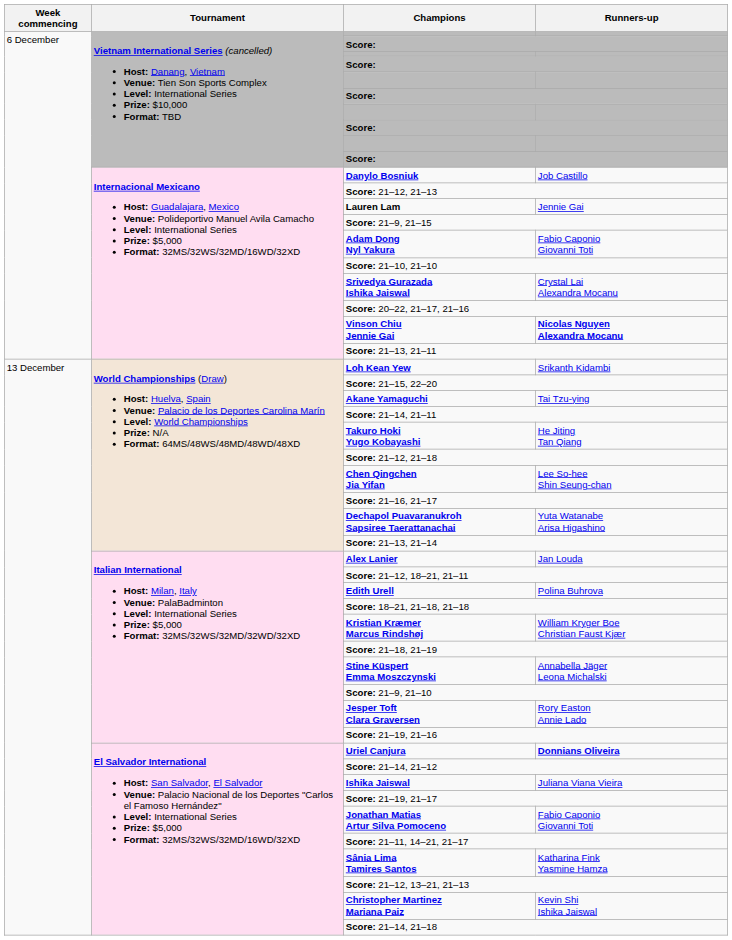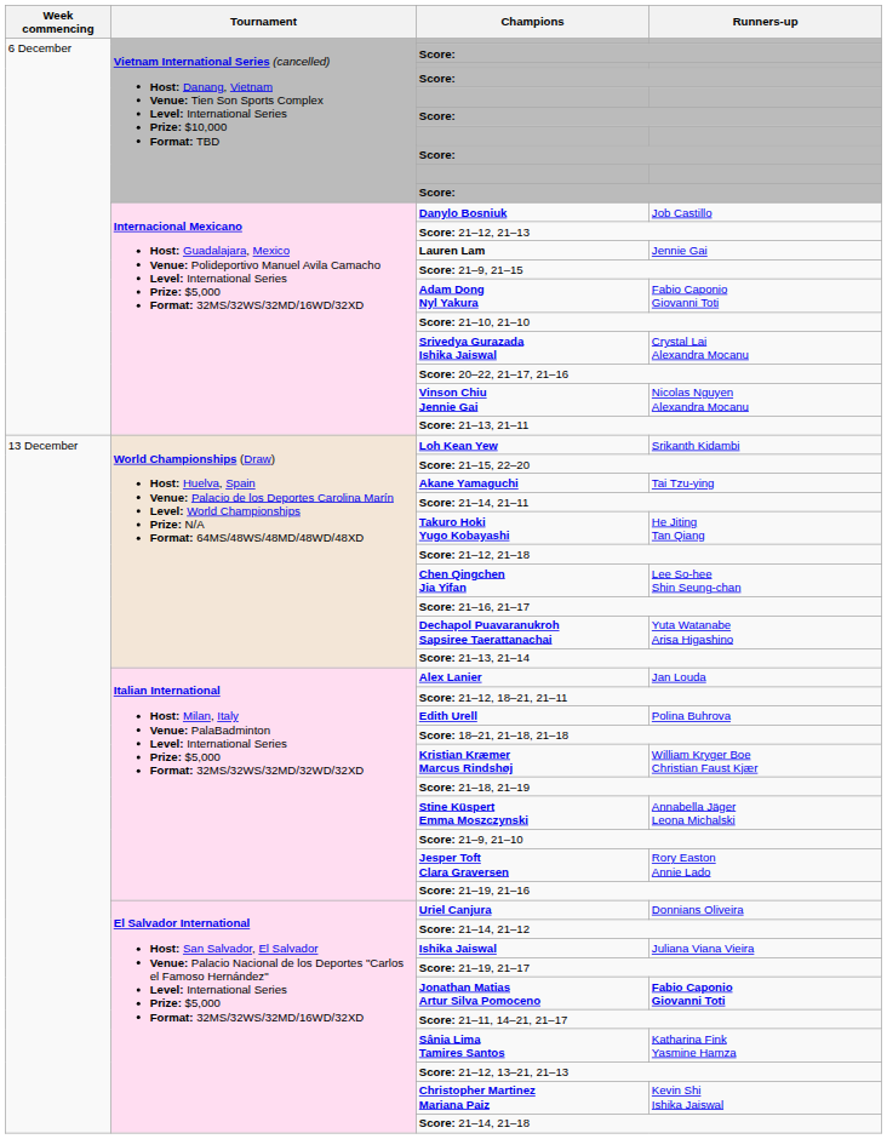 <table class="wikitable" style="font-size:80%">
 <tr>
 <th width="110">Week commencing</th>
 <th width="330">Tournament</th>
 <th width="250">Champions</th>
 <th width="250">Runners-up</th>
 </tr>
 <tr valign="top">
 <td rowspan=20>6 December</td>
 <td bgcolor="#BBBBBB" rowspan="10"><br><strong><a href='#'>Vietnam International Series</a></strong> <em>(cancelled)</em><ul><li><strong>Host:</strong> <a href='#'>Danang</a>, <a href='#'>Vietnam</a></li><li><strong>Venue:</strong> Tien Son Sports Complex</li><li><strong>Level:</strong> International Series</li><li><strong>Prize:</strong> $10,000</li><li><strong>Format:</strong> TBD</li></ul></td>
 <td bgcolor="#BBBBBB"><strong> </strong></td>
 <td bgcolor="#BBBBBB"></td>
 </tr>
 <tr bgcolor="#BBBBBB">
 <td colspan="2"><strong>Score:</strong></td>
 </tr>
 <tr valign="top" bgcolor="#BBBBBB">
 <td><strong> </strong></td>
 <td></td>
 </tr>
 <tr bgcolor="#BBBBBB">
 <td colspan="2"><strong>Score:</strong></td>
 </tr>
 <tr valign="top" bgcolor="#BBBBBB">
 <td><strong> <br> </strong></td>
 <td> <br></td>
 </tr>
 <tr bgcolor="#BBBBBB">
 <td colspan="2"><strong>Score:</strong></td>
 </tr>
 <tr valign="top" bgcolor="#BBBBBB">
 <td><strong> <br> </strong></td>
 <td> <br></td>
 </tr>
 <tr bgcolor="#BBBBBB">
 <td colspan="2"><strong>Score:</strong></td>
 </tr>
 <tr valign="top" bgcolor="#BBBBBB">
 <td><strong> <br> </strong></td>
 <td> <br></td>
 </tr>
 <tr bgcolor="#BBBBBB">
 <td colspan="2"><strong>Score:</strong></td>
 </tr>
 <tr valign="top">
 <td bgcolor="#FFDDF1" rowspan="10"><br><strong><a href='#'>Internacional Mexicano</a></strong><ul><li><strong>Host:</strong> <a href='#'>Guadalajara</a>, <a href='#'>Mexico</a></li><li><strong>Venue:</strong> Polideportivo Manuel Avila Camacho</li><li><strong>Level:</strong> International Series</li><li><strong>Prize:</strong> $5,000</li><li><strong>Format:</strong> 32MS/32WS/32MD/16WD/32XD</li></ul></td>
 <td><strong> <a href='#'>Danylo Bosniuk</a></strong></td>
 <td> <a href='#'>Job Castillo</a></td>
 </tr>
 <tr>
 <td colspan="2"><strong>Score:</strong> 21–12, 21–13</td>
 </tr>
 <tr valign="top">
 <td><strong> Lauren Lam</strong></td>
 <td> <a href='#'>Jennie Gai</a></td>
 </tr>
 <tr>
 <td colspan="2"><strong>Score:</strong> 21–9, 21–15</td>
 </tr>
 <tr valign="top">
 <td><strong> <a href='#'>Adam Dong</a> <br> <a href='#'>Nyl Yakura</a></strong></td>
 <td> <a href='#'>Fabio Caponio</a> <br> <a href='#'>Giovanni Toti</a></td>
 </tr>
 <tr>
 <td colspan="2"><strong>Score:</strong> 21–10, 21–10</td>
 </tr>
 <tr valign="top">
 <td><strong> <a href='#'>Srivedya Gurazada</a> <br> <a href='#'>Ishika Jaiswal</a></strong></td>
 <td> <a href='#'>Crystal Lai</a> <br> <a href='#'>Alexandra Mocanu</a></td>
 </tr>
 <tr>
 <td colspan="2"><strong>Score:</strong> 20–22, 21–17, 21–16</td>
 </tr>
 <tr valign="top">
 <td><strong> <a href='#'>Vinson Chiu</a> <br> <a href='#'>Jennie Gai</a></strong></td>
-<td><strong> <a href='#'>Nicolas Nguyen</a> <br> <a href='#'>Alexandra Mocanu</a></strong></td>
+<td> <a href='#'>Nicolas Nguyen</a> <br> <a href='#'>Alexandra Mocanu</a></td>
 </tr>
 <tr>
 <td colspan="2"><strong>Score:</strong> 21–13, 21–11</td>
 </tr>
 <tr valign="top">
 <td rowspan="30">13 December</td>
 <td rowspan="10" bgcolor="#F3E6D7"><br><strong><a href='#'>World Championships</a></strong> (<a href='#'>Draw</a>)<ul><li><strong>Host:</strong> <a href='#'>Huelva</a>, <a href='#'>Spain</a></li><li><strong>Venue:</strong> <a href='#'>Palacio de los Deportes Carolina Marín</a></li><li><strong>Level:</strong> <a href='#'>World Championships</a></li><li><strong>Prize:</strong> N/A</li><li><strong>Format:</strong> 64MS/48WS/48MD/48WD/48XD</li></ul></td>
 <td><strong> <a href='#'>Loh Kean Yew</a></strong></td>
 <td> <a href='#'>Srikanth Kidambi</a></td>
 </tr>
 <tr>
 <td colspan="2"><strong>Score:</strong> 21–15, 22–20</td>
 </tr>
 <tr valign="top">
 <td><strong> <a href='#'>Akane Yamaguchi</a></strong></td>
 <td> <a href='#'>Tai Tzu-ying</a></td>
 </tr>
 <tr>
 <td colspan="2"><strong>Score:</strong> 21–14, 21–11</td>
 </tr>
 <tr valign="top">
 <td><strong> <a href='#'>Takuro Hoki</a><br> <a href='#'>Yugo Kobayashi</a></strong></td>
 <td> <a href='#'>He Jiting</a><br> <a href='#'>Tan Qiang</a></td>
 </tr>
 <tr>
 <td colspan="2"><strong>Score:</strong> 21–12, 21–18</td>
 </tr>
 <tr valign="top">
 <td><strong> <a href='#'>Chen Qingchen</a><br> <a href='#'>Jia Yifan</a></strong></td>
 <td> <a href='#'>Lee So-hee</a><br> <a href='#'>Shin Seung-chan</a></td>
 </tr>
 <tr>
 <td colspan="2"><strong>Score:</strong> 21–16, 21–17</td>
 </tr>
 <tr valign="top">
 <td><strong> <a href='#'>Dechapol Puavaranukroh</a><br> <a href='#'>Sapsiree Taerattanachai</a></strong></td>
 <td> <a href='#'>Yuta Watanabe</a><br> <a href='#'>Arisa Higashino</a></td>
 </tr>
 <tr>
 <td colspan="2"><strong>Score:</strong> 21–13, 21–14</td>
 </tr>
 <tr valign="top">
 <td rowspan="10" bgcolor="#FFDDF1"><br><strong><a href='#'>Italian International</a></strong><ul><li><strong>Host:</strong> <a href='#'>Milan</a>, <a href='#'>Italy</a></li><li><strong>Venue:</strong> PalaBadminton</li><li><strong>Level:</strong> International Series</li><li><strong>Prize:</strong> $5,000</li><li><strong>Format:</strong> 32MS/32WS/32MD/32WD/32XD</li></ul></td>
 <td><strong> <a href='#'>Alex Lanier</a></strong></td>
 <td> <a href='#'>Jan Louda</a></td>
 </tr>
 <tr>
 <td colspan="2"><strong>Score:</strong> 21–12, 18–21, 21–11</td>
 </tr>
 <tr valign="top">
 <td><strong> <a href='#'>Edith Urell</a></strong></td>
 <td> <a href='#'>Polina Buhrova</a></td>
 </tr>
 <tr>
 <td colspan="2"><strong>Score:</strong> 18–21, 21–18, 21–18</td>
 </tr>
 <tr valign="top">
 <td><strong> <a href='#'>Kristian Kræmer</a><br> <a href='#'>Marcus Rindshøj</a></strong></td>
 <td> <a href='#'>William Kryger Boe</a><br> <a href='#'>Christian Faust Kjær</a></td>
 </tr>
 <tr>
 <td colspan="2"><strong>Score:</strong> 21–18, 21–19</td>
 </tr>
 <tr valign="top">
 <td><strong> <a href='#'>Stine Küspert</a><br> <a href='#'>Emma Moszczynski</a></strong></td>
 <td> <a href='#'>Annabella Jäger</a><br> <a href='#'>Leona Michalski</a></td>
 </tr>
 <tr>
 <td colspan="2"><strong>Score:</strong> 21–9, 21–10</td>
 </tr>
 <tr valign="top">
 <td><strong> <a href='#'>Jesper Toft</a><br> <a href='#'>Clara Graversen</a></strong></td>
 <td> <a href='#'>Rory Easton</a><br> <a href='#'>Annie Lado</a></td>
 </tr>
 <tr>
 <td colspan="2"><strong>Score:</strong> 21–19, 21–16</td>
 </tr>
 <tr valign="top">
 <td bgcolor="#FFDDF1" rowspan="10"><br><strong><a href='#'>El Salvador International</a></strong><ul><li><strong>Host:</strong> <a href='#'>San Salvador</a>, <a href='#'>El Salvador</a></li><li><strong>Venue:</strong> Palacio Nacional de los Deportes "Carlos el Famoso Hernández"</li><li><strong>Level:</strong> International Series</li><li><strong>Prize:</strong> $5,000</li><li><strong>Format:</strong> 32MS/32WS/32MD/16WD/32XD</li></ul></td>
 <td><strong> <a href='#'>Uriel Canjura</a></strong></td>
-<td><strong> <a href='#'>Donnians Oliveira</a></strong></td>
+<td> <a href='#'>Donnians Oliveira</a></td>
 </tr>
 <tr>
 <td colspan="2"><strong>Score:</strong> 21–14, 21–12</td>
 </tr>
 <tr valign="top">
 <td><strong> <a href='#'>Ishika Jaiswal</a></strong></td>
 <td> <a href='#'>Juliana Viana Vieira</a></td>
 </tr>
 <tr>
 <td colspan="2"><strong>Score:</strong> 21–19, 21–17</td>
 </tr>
 <tr valign="top">
 <td><strong> <a href='#'>Jonathan Matias</a><br> <a href='#'>Artur Silva Pomoceno</a></strong></td>
-<td> <a href='#'>Fabio Caponio</a><br> <a href='#'>Giovanni Toti</a></td>
+<td><strong> <a href='#'>Fabio Caponio</a><br> <a href='#'>Giovanni Toti</a></strong></td>
 </tr>
 <tr>
 <td colspan="2"><strong>Score:</strong> 21–11, 14–21, 21–17</td>
 </tr>
 <tr valign="top">
 <td><strong> <a href='#'>Sânia Lima</a><br> <a href='#'>Tamires Santos</a></strong></td>
 <td> <a href='#'>Katharina Fink</a><br> <a href='#'>Yasmine Hamza</a></td>
 </tr>
 <tr>
 <td colspan="2"><strong>Score:</strong> 21–12, 13–21, 21–13</td>
 </tr>
 <tr valign="top">
 <td><strong> <a href='#'>Christopher Martinez</a><br> <a href='#'>Mariana Paiz</a></strong></td>
 <td> <a href='#'>Kevin Shi</a><br> <a href='#'>Ishika Jaiswal</a></td>
 </tr>
 <tr>
 <td colspan="2"><strong>Score:</strong> 21–14, 21–18</td>
 </tr>
 </table>
